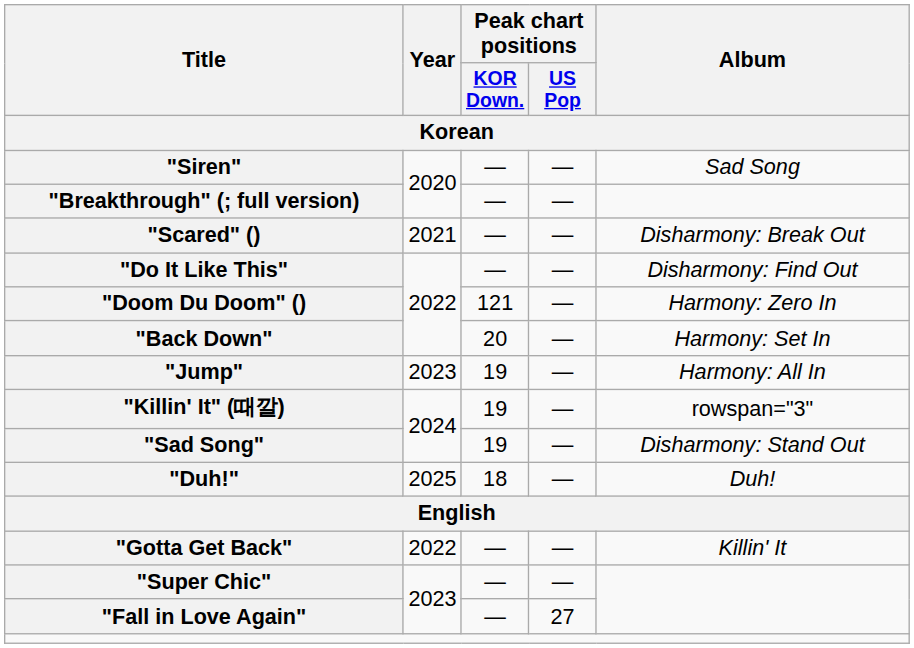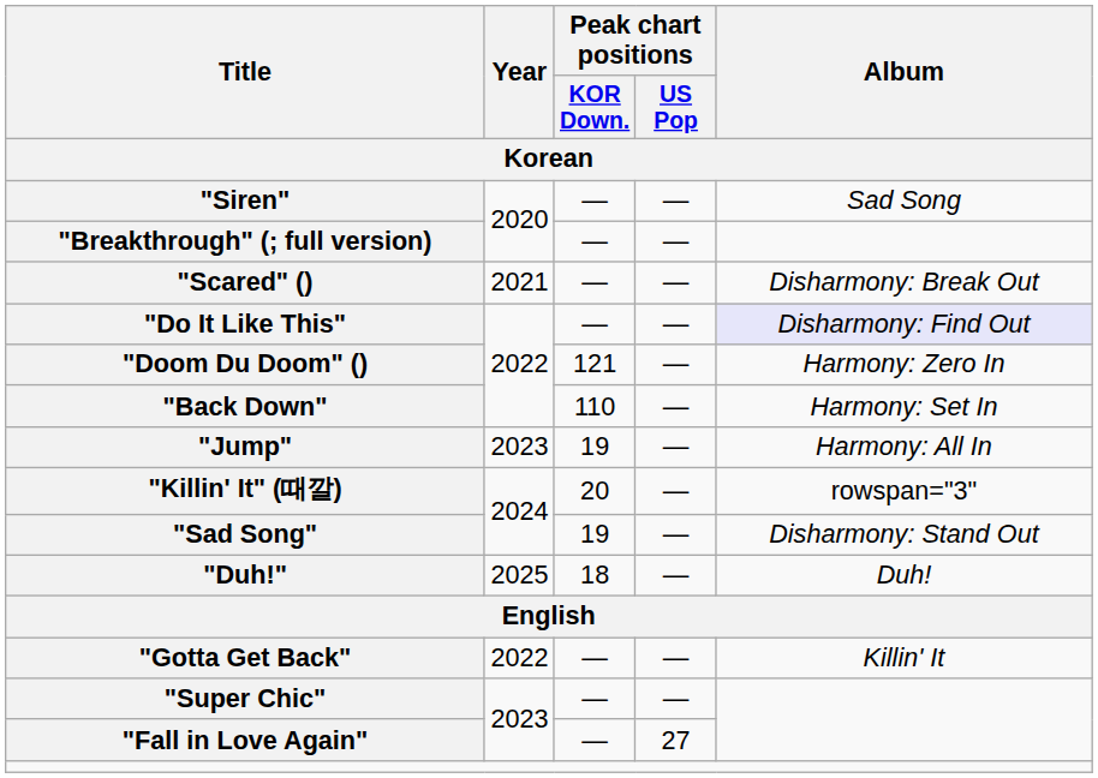 <table class="wikitable plainrowheaders" style="text-align:center">
 <tr>
 <th scope="col" rowspan="2" style="width:18em">Title</th>
 <th scope="col" rowspan="2" style="width:2em">Year</th>
 <th scope="col" colspan="2">Peak chart positions</th>
 <th scope="col" rowspan="2" style="width:14em">Album</th>
 </tr>
 <tr>
 <th scope="col" style="width:3em;font-size:90%"><a href='#'>KOR<br>Down.</a><br></th>
 <th scope="col" style="width:3em;font-size:90%"><a href='#'>US<br>Pop</a><br></th>
 </tr>
 <tr>
 <th colspan="5">Korean</th>
 </tr>
 <tr>
 <th scope="row">"Siren"</th>
 <td rowspan="2">2020</td>
 <td>—</td>
 <td>—</td>
 <td><em>Sad Song</em></td>
 </tr>
 <tr>
 <th scope="row">"Breakthrough" (; full version)</th>
 <td>—</td>
 <td>—</td>
 <td></td>
 </tr>
 <tr>
 <th scope="row">"Scared" ()</th>
 <td>2021</td>
 <td>—</td>
 <td>—</td>
 <td><em>Disharmony: Break Out</em></td>
 </tr>
 <tr>
 <th scope="row">"Do It Like This"</th>
 <td rowspan="3">2022</td>
 <td>—</td>
 <td>—</td>
-<td><em>Disharmony: Find Out</em></td>
+<td style="background: lavender;"><em>Disharmony: Find Out</em></td>
 </tr>
 <tr>
 <th scope="row">"Doom Du Doom" ()</th>
 <td>121</td>
 <td>—</td>
 <td><em>Harmony: Zero In</em></td>
 </tr>
 <tr>
 <th scope="row">"Back Down"</th>
-<td>20</td>
+<td>110</td>
 <td>—</td>
 <td><em>Harmony: Set In</em></td>
 </tr>
 <tr>
 <th scope="row">"Jump"</th>
 <td>2023</td>
 <td>19</td>
 <td>—</td>
 <td><em>Harmony: All In</em></td>
 </tr>
 <tr>
 <th scope="row">"Killin' It" (때깔)</th>
 <td rowspan="2">2024</td>
-<td>19</td>
+<td>20</td>
 <td>—</td>
 <td>rowspan="3" </td>
 </tr>
 <tr>
 <th scope="row">"Sad Song"</th>
 <td>19</td>
 <td>—</td>
 <td><em>Disharmony: Stand Out</em></td>
 </tr>
 <tr>
 <th scope="row">"Duh!"</th>
 <td>2025</td>
 <td>18</td>
 <td>—</td>
 <td><em>Duh!</em></td>
 </tr>
 <tr>
 <th colspan="5">English</th>
 </tr>
 <tr>
 <th scope="row">"Gotta Get Back"<br></th>
 <td>2022</td>
 <td>—</td>
 <td>—</td>
 <td><em>Killin' It</em></td>
 </tr>
 <tr>
 <th scope="row">"Super Chic"<br></th>
 <td rowspan="2">2023</td>
 <td>—</td>
 <td>—</td>
 </tr>
 <tr>
 <th scope="row">"Fall in Love Again"</th>
 <td>—</td>
 <td>27</td>
 </tr>
 <tr>
 <td colspan="5"></td>
 </tr>
 </table>
